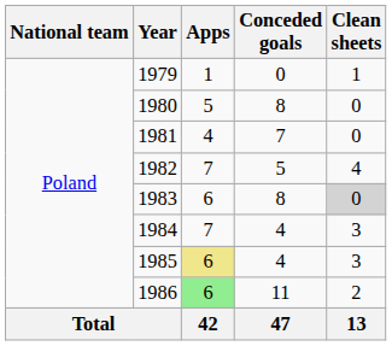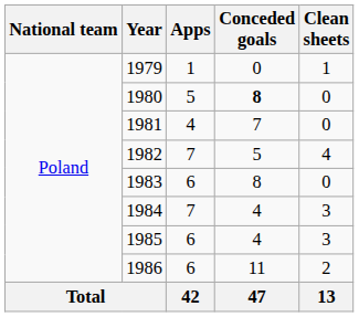 <table class="wikitable" style="text-align:center">
 <tr>
 <th>National team</th>
 <th>Year</th>
 <th>Apps</th>
 <th>Conceded<br>goals</th>
 <th>Clean<br>sheets</th>
 </tr>
 <tr>
 <td rowspan="8" style="vertical-align:center;"><a href='#'>Poland</a></td>
 <td>1979</td>
 <td>1</td>
 <td>0</td>
 <td>1</td>
 </tr>
 <tr>
 <td>1980</td>
 <td>5</td>
-<td>8</td>
+<td><strong>8</strong></td>
 <td>0</td>
 </tr>
 <tr>
 <td>1981</td>
 <td>4</td>
 <td>7</td>
 <td>0</td>
 </tr>
 <tr>
 <td>1982</td>
 <td>7</td>
 <td>5</td>
 <td>4</td>
 </tr>
 <tr>
 <td>1983</td>
 <td>6</td>
 <td>8</td>
-<td style="background: lightgrey;">0</td>
+<td>0</td>
 </tr>
 <tr>
 <td>1984</td>
 <td>7</td>
 <td>4</td>
 <td>3</td>
 </tr>
 <tr>
 <td>1985</td>
-<td style="background: khaki;">6</td>
+<td>6</td>
 <td>4</td>
 <td>3</td>
 </tr>
 <tr>
 <td>1986</td>
-<td style="background: lightgreen;">6</td>
+<td>6</td>
 <td>11</td>
 <td>2</td>
 </tr>
 <tr>
 <th colspan="2">Total</th>
 <th>42</th>
 <th>47</th>
 <th>13</th>
 </tr>
 </table>
